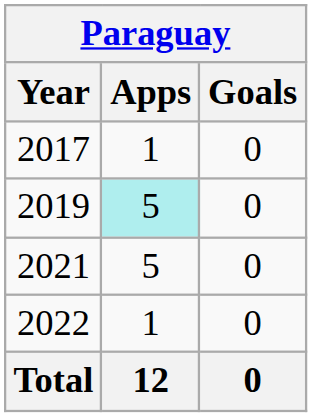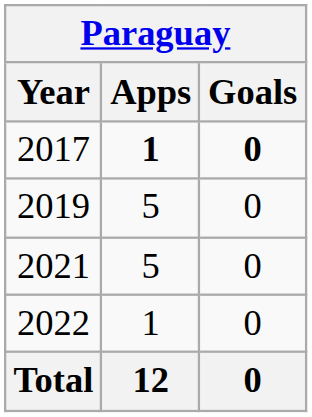 <table class="wikitable" style="text-align: center;">
 <tr>
 <th colspan=5><a href='#'>Paraguay</a></th>
 </tr>
 <tr>
 <th>Year</th>
 <th>Apps</th>
 <th>Goals</th>
 </tr>
 <tr>
 <td>2017</td>
-<td>1</td>
-<td>0</td>
+<td><strong>1</strong></td>
+<td><strong>0</strong></td>
 </tr>
 <tr>
 <td>2019</td>
-<td style="background: paleturquoise;">5</td>
+<td>5</td>
 <td>0</td>
 </tr>
 <tr>
 <td>2021</td>
 <td>5</td>
 <td>0</td>
 </tr>
 <tr>
 <td>2022</td>
 <td>1</td>
 <td>0</td>
 </tr>
 <tr>
 <th>Total</th>
 <th>12</th>
 <th>0</th>
 </tr>
 </table>
